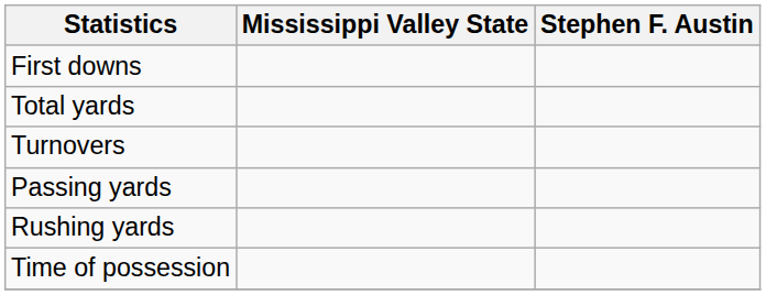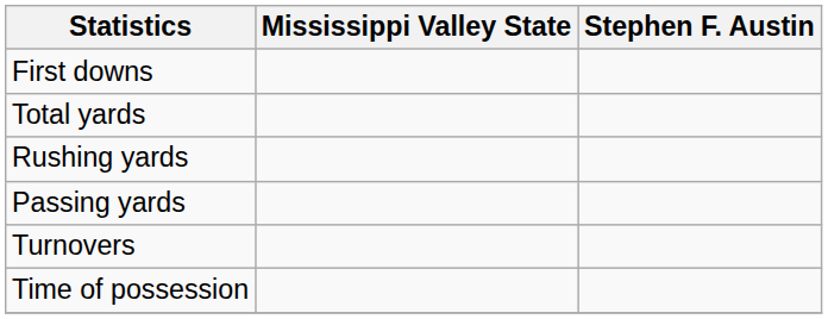 <table class="wikitable">
 <tr>
 <th>Statistics</th>
 <th>Mississippi Valley State</th>
 <th>Stephen F. Austin</th>
 </tr>
 <tr>
 <td>First downs</td>
 <td> </td>
 <td> </td>
 </tr>
 <tr>
 <td>Total yards</td>
 <td> </td>
 <td> </td>
 </tr>
 <tr>
-<td>Turnovers</td>
+<td>Rushing yards</td>
 <td> </td>
 <td> </td>
 </tr>
 <tr>
 <td>Passing yards</td>
 <td> </td>
 <td> </td>
 </tr>
 <tr>
-<td>Rushing yards</td>
+<td>Turnovers</td>
 <td> </td>
 <td> </td>
 </tr>
 <tr>
 <td>Time of possession</td>
 <td> </td>
 <td> </td>
 </tr>
 <tr>
 </tr>
 </table>
